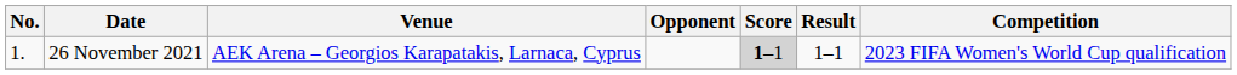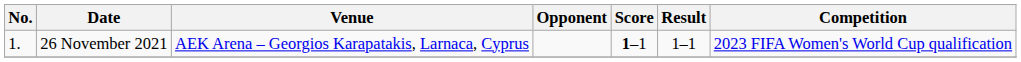 <table class="wikitable">
 <tr>
 <th>No.</th>
 <th>Date</th>
 <th>Venue</th>
 <th>Opponent</th>
 <th>Score</th>
 <th>Result</th>
 <th>Competition</th>
 </tr>
 <tr>
 <td>1.</td>
 <td>26 November 2021</td>
 <td><a href='#'>AEK Arena – Georgios Karapatakis</a>, <a href='#'>Larnaca</a>, <a href='#'>Cyprus</a></td>
 <td></td>
-<td align=center style="background: lightgrey;"><strong>1</strong>–1</td>
+<td align=center><strong>1</strong>–1</td>
 <td align=center>1–1</td>
 <td><a href='#'>2023 FIFA Women's World Cup qualification</a></td>
 </tr>
 <tr>
 </tr>
 </table>
